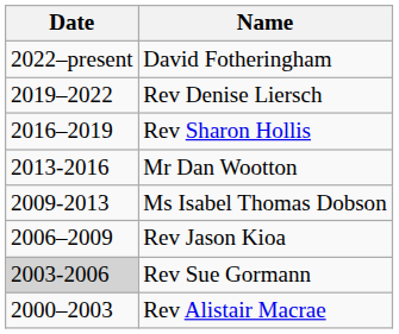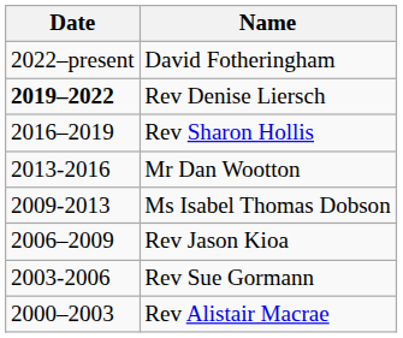 <table class="wikitable">
 <tr>
 <th>Date</th>
 <th>Name</th>
 </tr>
 <tr>
 <td>2022–present</td>
 <td>David Fotheringham</td>
 </tr>
 <tr>
-<td>2019–2022</td>
+<td><strong>2019–2022</strong></td>
 <td>Rev Denise Liersch</td>
 </tr>
 <tr>
 <td>2016–2019</td>
 <td>Rev <a href='#'>Sharon Hollis</a></td>
 </tr>
 <tr>
 <td>2013-2016</td>
 <td>Mr Dan Wootton</td>
 </tr>
 <tr>
 <td>2009-2013</td>
 <td>Ms Isabel Thomas Dobson</td>
 </tr>
 <tr>
 <td>2006–2009</td>
 <td>Rev Jason Kioa</td>
 </tr>
 <tr>
-<td style="background: lightgrey;">2003-2006</td>
+<td>2003-2006</td>
 <td>Rev Sue Gormann</td>
 </tr>
 <tr>
 <td>2000–2003</td>
 <td>Rev <a href='#'>Alistair Macrae</a></td>
 </tr>
 </table>
